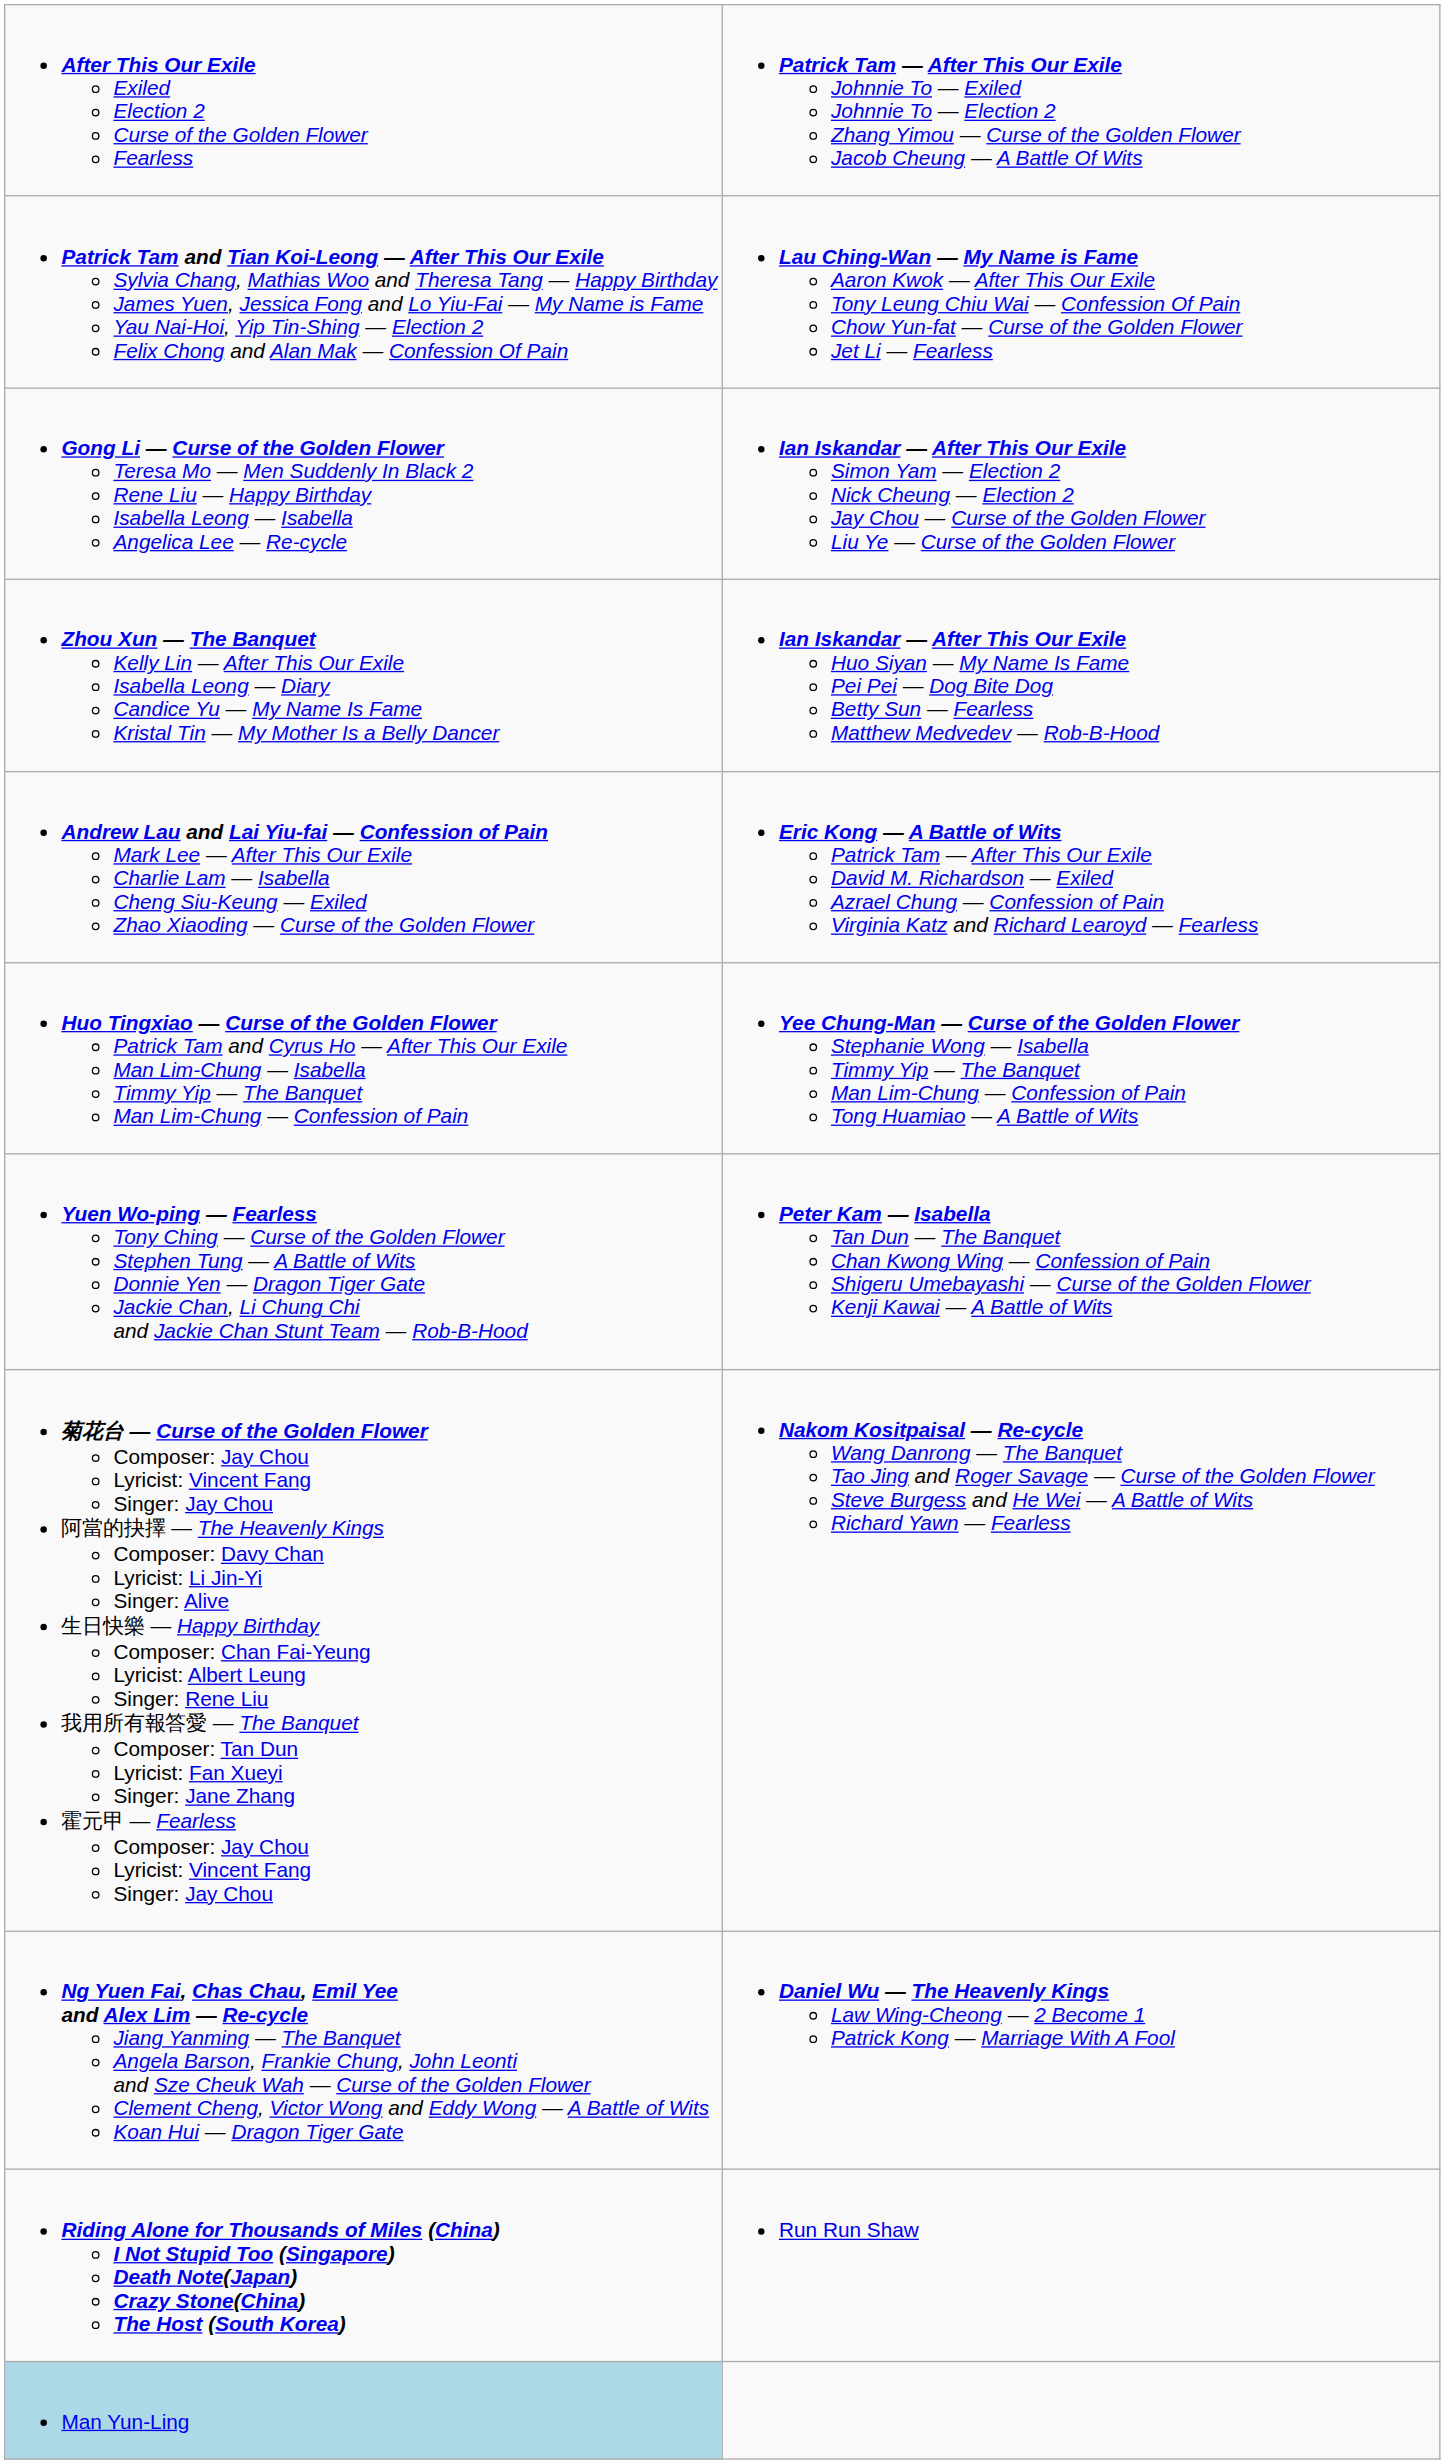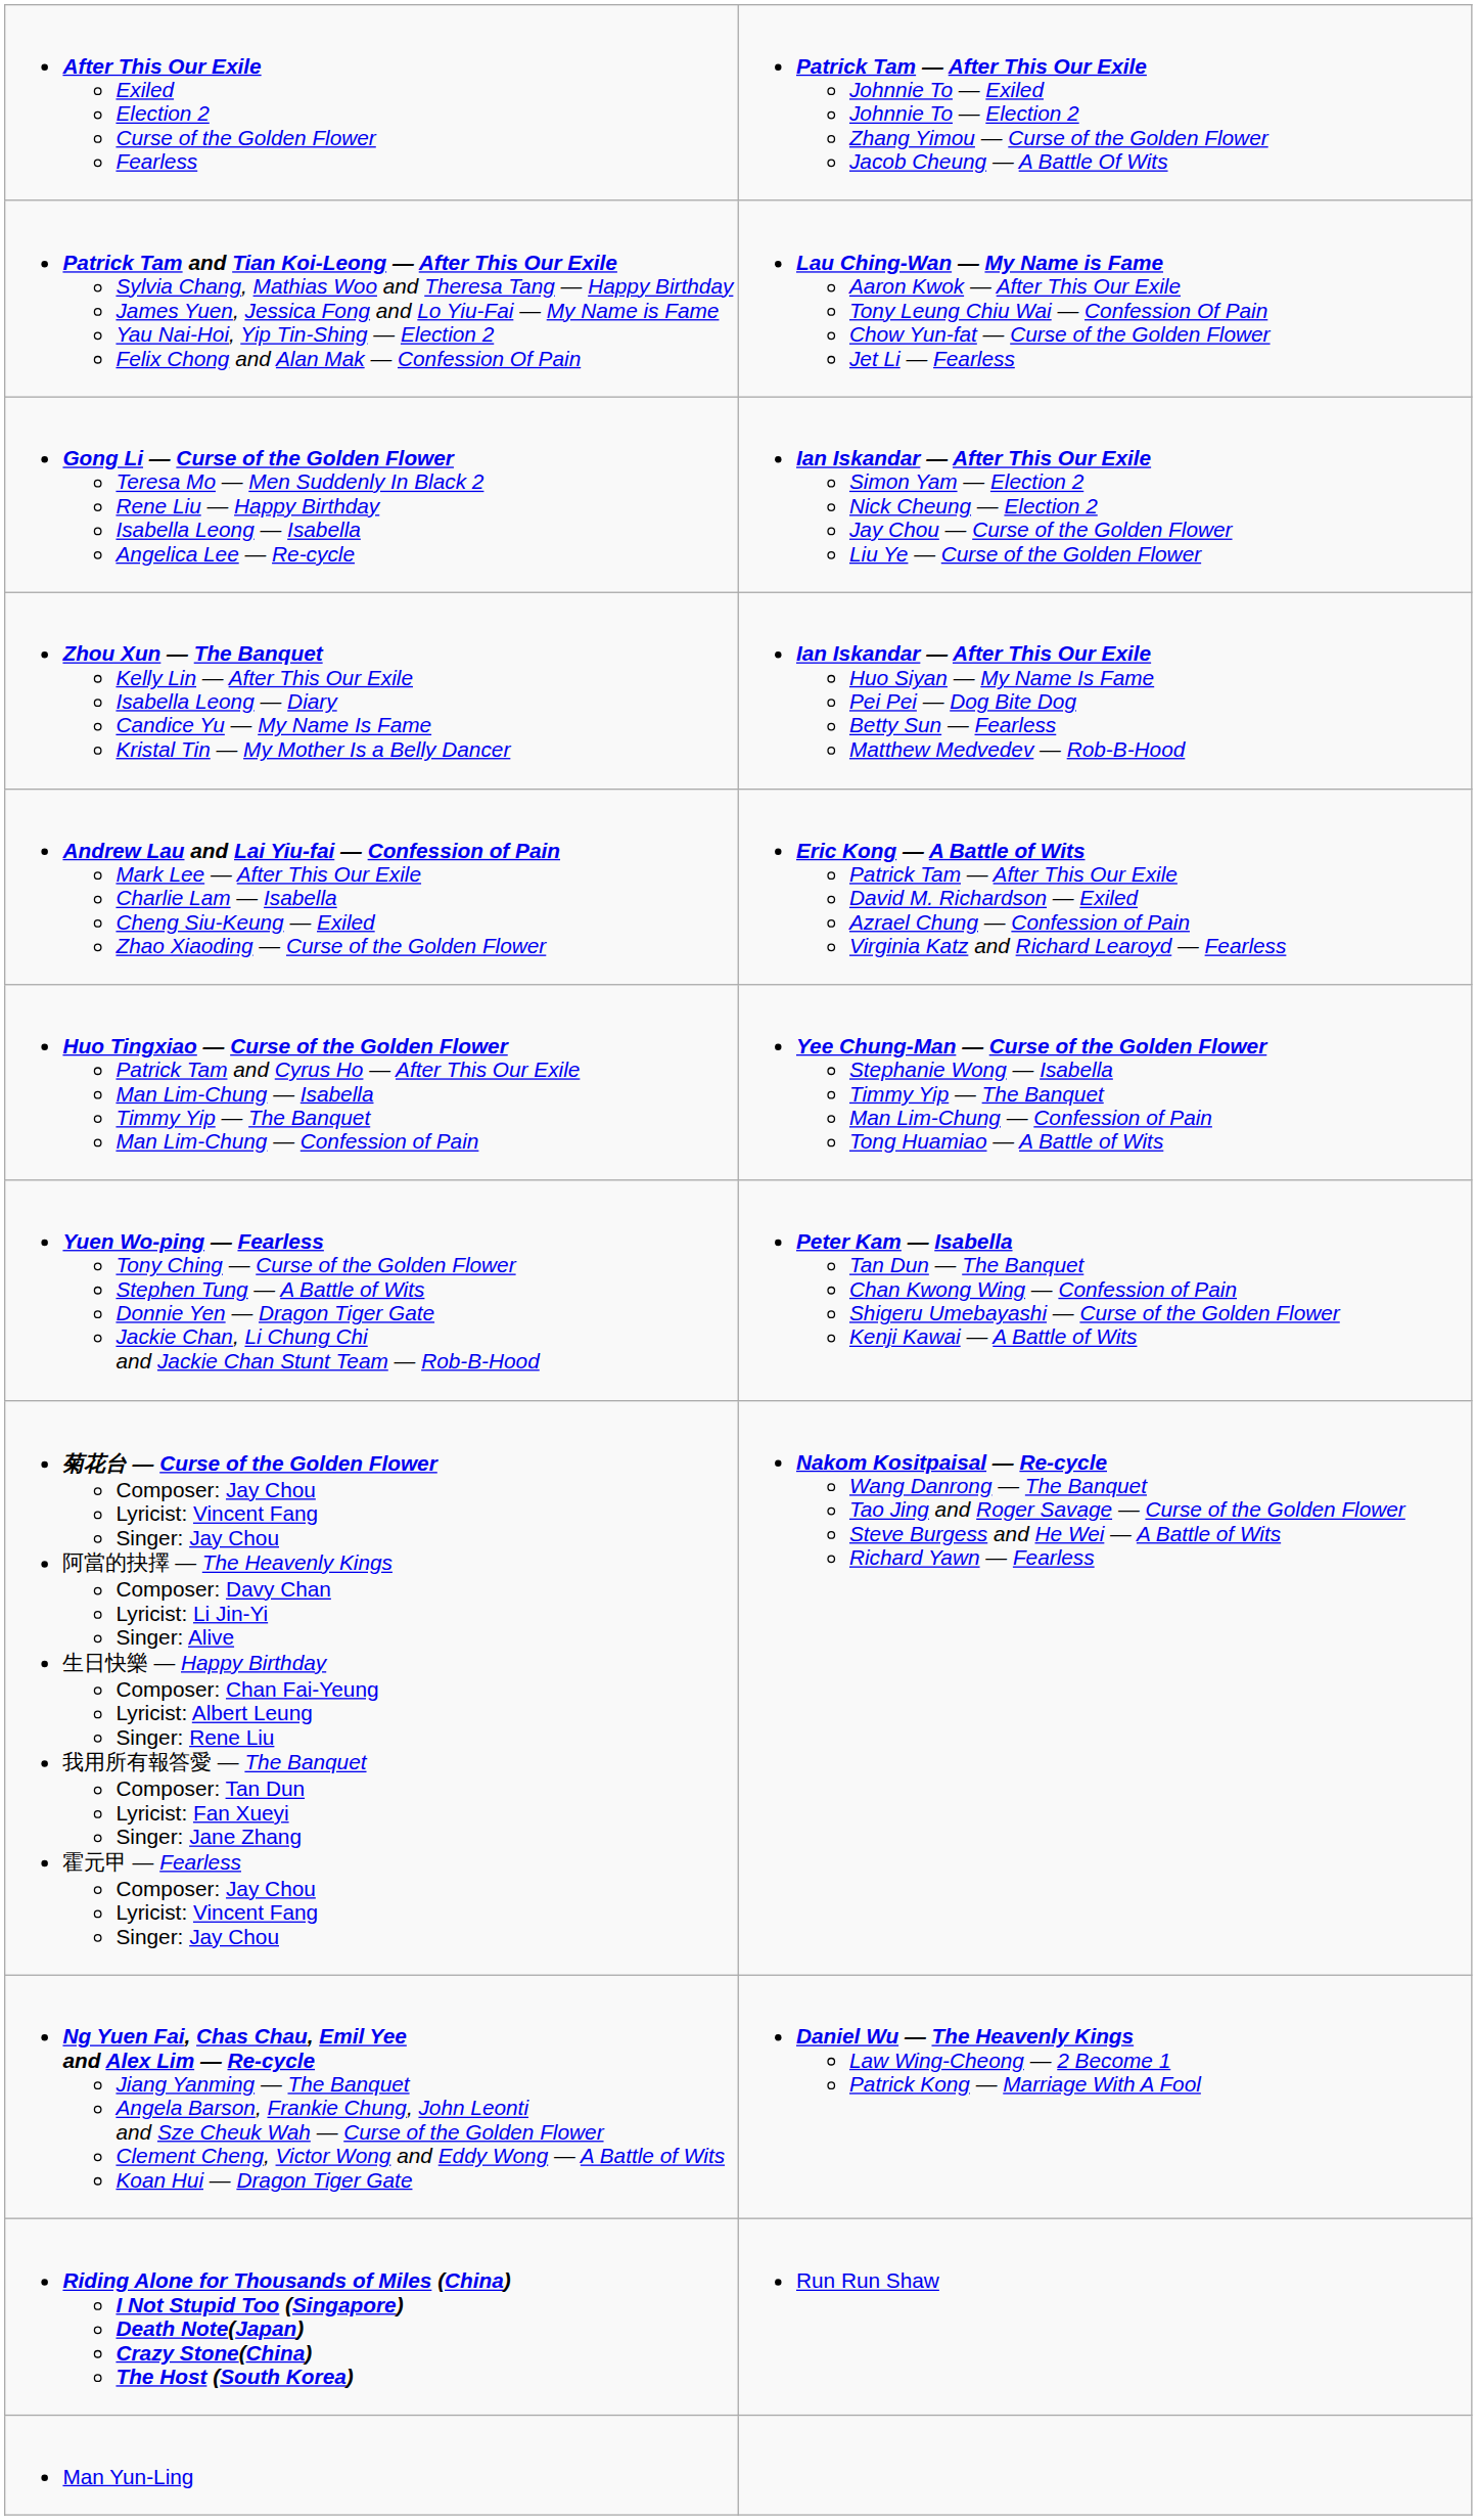 <table class=wikitable>
 <tr>
 <td valign="top" width="50%"><br><ul><li><strong><em><a href='#'>After This Our Exile</a></em></strong><ul><li><em><a href='#'>Exiled</a></em></li><li><em><a href='#'>Election 2</a></em></li><li><em><a href='#'>Curse of the Golden Flower</a></em></li><li><em><a href='#'>Fearless</a></em></li></ul></li></ul></td>
 <td valign="top" width="50%"><br><ul><li><strong><em><a href='#'>Patrick Tam</a> — <a href='#'>After This Our Exile</a></em></strong><ul><li><em><a href='#'>Johnnie To</a> — <a href='#'>Exiled</a></em></li><li><em><a href='#'>Johnnie To</a> — <a href='#'>Election 2</a></em></li><li><em><a href='#'>Zhang Yimou</a> — <a href='#'>Curse of the Golden Flower</a></em></li><li><em><a href='#'>Jacob Cheung</a> — <a href='#'>A Battle Of Wits</a></em></li></ul></li></ul></td>
 </tr>
 <tr>
 <td valign="top" width="50%"><br><ul><li><strong><em><a href='#'>Patrick Tam</a> and <a href='#'>Tian Koi-Leong</a> — <a href='#'>After This Our Exile</a></em></strong><ul><li><em><a href='#'>Sylvia Chang</a>, <a href='#'>Mathias Woo</a> and <a href='#'>Theresa Tang</a> — <a href='#'>Happy Birthday</a></em></li><li><em><a href='#'>James Yuen</a>, <a href='#'>Jessica Fong</a> and <a href='#'>Lo Yiu-Fai</a> — <a href='#'>My Name is Fame</a></em></li><li><em><a href='#'>Yau Nai-Hoi</a>, <a href='#'>Yip Tin-Shing</a> — <a href='#'>Election 2</a></em></li><li><em><a href='#'>Felix Chong</a> and  <a href='#'>Alan Mak</a> — <a href='#'>Confession Of Pain</a></em></li></ul></li></ul></td>
 <td valign="top" width="50%"><br><ul><li><strong><em><a href='#'>Lau Ching-Wan</a> — <a href='#'>My Name is Fame</a></em></strong><ul><li><em><a href='#'>Aaron Kwok</a> — <a href='#'>After This Our Exile</a></em></li><li><em><a href='#'>Tony Leung Chiu Wai</a> — <a href='#'>Confession Of Pain</a></em></li><li><em><a href='#'>Chow Yun-fat</a> — <a href='#'>Curse of the Golden Flower</a></em></li><li><em><a href='#'>Jet Li</a> — <a href='#'>Fearless</a></em></li></ul></li></ul></td>
 </tr>
 <tr>
 <td valign="top" width="50%"><br><ul><li><strong><em><a href='#'>Gong Li</a> — <a href='#'>Curse of the Golden Flower</a></em></strong><ul><li><em><a href='#'>Teresa Mo</a> — <a href='#'>Men Suddenly In Black 2</a></em></li><li><em><a href='#'>Rene Liu</a> — <a href='#'>Happy Birthday</a></em></li><li><em><a href='#'>Isabella Leong</a> — <a href='#'>Isabella</a></em></li><li><em><a href='#'>Angelica Lee</a> — <a href='#'>Re-cycle</a></em></li></ul></li></ul></td>
 <td valign="top" width="50%"><br><ul><li><strong><em><a href='#'>Ian Iskandar</a> — <a href='#'>After This Our Exile</a></em></strong><ul><li><em><a href='#'>Simon Yam</a> — <a href='#'>Election 2</a></em></li><li><em><a href='#'>Nick Cheung</a> — <a href='#'>Election 2</a></em></li><li><em><a href='#'>Jay Chou</a> — <a href='#'>Curse of the Golden Flower</a></em></li><li><em><a href='#'>Liu Ye</a> — <a href='#'>Curse of the Golden Flower</a></em></li></ul></li></ul></td>
 </tr>
 <tr>
 <td valign="top" width="50%"><br><ul><li><strong><em><a href='#'>Zhou Xun</a> — <a href='#'>The Banquet</a></em></strong><ul><li><em><a href='#'>Kelly Lin</a> — <a href='#'>After This Our Exile</a></em></li><li><em><a href='#'>Isabella Leong</a> — <a href='#'>Diary</a></em></li><li><em><a href='#'>Candice Yu</a> — <a href='#'>My Name Is Fame</a></em></li><li><em><a href='#'>Kristal Tin</a> — <a href='#'>My Mother Is a Belly Dancer</a></em></li></ul></li></ul></td>
 <td valign="top" width="50%"><br><ul><li><strong><em><a href='#'>Ian Iskandar</a> — <a href='#'>After This Our Exile</a></em></strong><ul><li><em><a href='#'>Huo Siyan</a> — <a href='#'>My Name Is Fame</a></em></li><li><em><a href='#'>Pei Pei</a> — <a href='#'>Dog Bite Dog</a></em></li><li><em><a href='#'>Betty Sun</a> — <a href='#'>Fearless</a></em></li><li><em><a href='#'>Matthew Medvedev</a> — <a href='#'>Rob-B-Hood</a></em></li></ul></li></ul></td>
 </tr>
 <tr>
 <td valign="top" width="50%"><br><ul><li><strong><em><a href='#'>Andrew Lau</a> and <a href='#'>Lai Yiu-fai</a> — <a href='#'>Confession of Pain</a></em></strong><ul><li><em><a href='#'>Mark Lee</a> — <a href='#'>After This Our Exile</a></em></li><li><em><a href='#'>Charlie Lam</a> — <a href='#'>Isabella</a></em></li><li><em><a href='#'>Cheng Siu-Keung</a> — <a href='#'>Exiled</a></em></li><li><em><a href='#'>Zhao Xiaoding</a> — <a href='#'>Curse of the Golden Flower</a></em></li></ul></li></ul></td>
 <td valign="top" width="50%"><br><ul><li><strong><em><a href='#'>Eric Kong</a> — <a href='#'>A Battle of Wits</a></em></strong><ul><li><em><a href='#'>Patrick Tam</a> — <a href='#'>After This Our Exile</a></em></li><li><em><a href='#'>David M. Richardson</a> — <a href='#'>Exiled</a></em></li><li><em><a href='#'>Azrael Chung</a> — <a href='#'>Confession of Pain</a></em></li><li><em><a href='#'>Virginia Katz</a> and <a href='#'>Richard Learoyd</a> — <a href='#'>Fearless</a></em></li></ul></li></ul></td>
 </tr>
 <tr>
 <td valign="top" width="50%"><br><ul><li><strong><em><a href='#'>Huo Tingxiao</a> — <a href='#'>Curse of the Golden Flower</a></em></strong><ul><li><em><a href='#'>Patrick Tam</a> and <a href='#'>Cyrus Ho</a> — <a href='#'>After This Our Exile</a></em></li><li><em><a href='#'>Man Lim-Chung</a> — <a href='#'>Isabella</a></em></li><li><em><a href='#'>Timmy Yip</a> — <a href='#'>The Banquet</a></em></li><li><em><a href='#'>Man Lim-Chung</a> — <a href='#'>Confession of Pain</a></em></li></ul></li></ul></td>
 <td valign="top" width="50%"><br><ul><li><strong><em><a href='#'>Yee Chung-Man</a> — <a href='#'>Curse of the Golden Flower</a></em></strong><ul><li><em><a href='#'>Stephanie Wong</a> — <a href='#'>Isabella</a></em></li><li><em><a href='#'>Timmy Yip</a> — <a href='#'>The Banquet</a></em></li><li><em><a href='#'>Man Lim-Chung</a> — <a href='#'>Confession of Pain</a></em></li><li><em><a href='#'>Tong Huamiao</a> — <a href='#'>A Battle of Wits</a></em></li></ul></li></ul></td>
 </tr>
 <tr>
 <td valign="top" width="50%"><br><ul><li><strong><em><a href='#'>Yuen Wo-ping</a> — <a href='#'>Fearless</a></em></strong><ul><li><em><a href='#'>Tony Ching</a> — <a href='#'>Curse of the Golden Flower</a></em></li><li><em><a href='#'>Stephen Tung</a> — <a href='#'>A Battle of Wits</a></em></li><li><em><a href='#'>Donnie Yen</a> — <a href='#'>Dragon Tiger Gate</a></em></li><li><em><a href='#'>Jackie Chan</a>, <a href='#'>Li Chung Chi</a> <br> and <a href='#'>Jackie Chan Stunt Team</a> — <a href='#'>Rob-B-Hood</a></em></li></ul></li></ul></td>
 <td valign="top" width="50%"><br><ul><li><strong><em><a href='#'>Peter Kam</a> — <a href='#'>Isabella</a></em></strong><ul><li><em><a href='#'>Tan Dun</a> — <a href='#'>The Banquet</a></em></li><li><em><a href='#'>Chan Kwong Wing</a> — <a href='#'>Confession of Pain</a></em></li><li><em><a href='#'>Shigeru Umebayashi</a> — <a href='#'>Curse of the Golden Flower</a></em></li><li><em><a href='#'>Kenji Kawai</a> — <a href='#'>A Battle of Wits</a></em></li></ul></li></ul></td>
 </tr>
 <tr>
 <td valign="top" width="50%"><br><ul><li><strong><em>菊花台 — <a href='#'>Curse of the Golden Flower</a></em></strong><ul><li>Composer: <a href='#'>Jay Chou</a></li><li>Lyricist: <a href='#'>Vincent Fang</a></li><li>Singer: <a href='#'>Jay Chou</a></li></ul></li><li>阿當的抉擇 — <em><a href='#'>The Heavenly Kings</a></em><ul><li>Composer: <a href='#'>Davy Chan</a></li><li>Lyricist: <a href='#'>Li Jin-Yi</a></li><li>Singer: <a href='#'>Alive</a></li></ul></li><li>生日快樂 — <em><a href='#'>Happy Birthday</a></em><ul><li>Composer: <a href='#'>Chan Fai-Yeung</a></li><li>Lyricist: <a href='#'>Albert Leung</a></li><li>Singer: <a href='#'>Rene Liu</a></li></ul></li><li>我用所有報答愛 — <em><a href='#'>The Banquet</a></em><ul><li>Composer: <a href='#'>Tan Dun</a></li><li>Lyricist: <a href='#'>Fan Xueyi</a></li><li>Singer: <a href='#'>Jane Zhang</a></li></ul></li><li>霍元甲 — <em><a href='#'>Fearless</a></em><ul><li>Composer: <a href='#'>Jay Chou</a></li><li>Lyricist: <a href='#'>Vincent Fang</a></li><li>Singer: <a href='#'>Jay Chou</a></li></ul></li></ul></td>
 <td valign="top" width="50%"><br><ul><li><strong><em><a href='#'>Nakom Kositpaisal</a> — <a href='#'>Re-cycle</a></em></strong><ul><li><em><a href='#'>Wang Danrong</a> — <a href='#'>The Banquet</a></em></li><li><em><a href='#'>Tao Jing</a> and <a href='#'>Roger Savage</a> — <a href='#'>Curse of the Golden Flower</a></em></li><li><em><a href='#'>Steve Burgess</a> and <a href='#'>He Wei</a> — <a href='#'>A Battle of Wits</a></em></li><li><em><a href='#'>Richard Yawn</a> — <a href='#'>Fearless</a></em></li></ul></li></ul></td>
 </tr>
 <tr>
 <td valign="top" width="50%"><br><ul><li><strong><em><a href='#'>Ng Yuen Fai</a>, <a href='#'>Chas Chau</a>, <a href='#'>Emil Yee</a> <br> and <a href='#'>Alex Lim</a> — <a href='#'>Re-cycle</a></em></strong><ul><li><em><a href='#'>Jiang Yanming</a> — <a href='#'>The Banquet</a></em></li><li><em><a href='#'>Angela Barson</a>, <a href='#'>Frankie Chung</a>, <a href='#'>John Leonti</a>  <br> and <a href='#'>Sze Cheuk Wah</a> — <a href='#'>Curse of the Golden Flower</a></em></li><li><em><a href='#'>Clement Cheng</a>, <a href='#'>Victor Wong</a> and <a href='#'>Eddy Wong</a> — <a href='#'>A Battle of Wits</a></em></li><li><em><a href='#'>Koan Hui</a> — <a href='#'>Dragon Tiger Gate</a></em></li></ul></li></ul></td>
 <td valign="top" width="50%"><br><ul><li><strong><em><a href='#'>Daniel Wu</a> — <a href='#'>The Heavenly Kings</a></em></strong><ul><li><em><a href='#'>Law Wing-Cheong</a> — <a href='#'>2 Become 1</a></em></li><li><em><a href='#'>Patrick Kong</a> — <a href='#'>Marriage With A Fool</a></em></li></ul></li></ul></td>
 </tr>
 <tr>
 <td valign="top" width="50%"><br><ul><li><strong><em><a href='#'>Riding Alone for Thousands of Miles</a><em> (<a href='#'>China</a>)<strong><ul><li></em><a href='#'>I Not Stupid Too</a> (<a href='#'>Singapore</a>)<em></li><li></em><a href='#'>Death Note</a>(<a href='#'>Japan</a>)<em></li><li></em><a href='#'>Crazy Stone</a>(<a href='#'>China</a>)<em></li><li></em><a href='#'>The Host</a> (<a href='#'>South Korea</a>)<em></li></ul></li></ul></td>
 <td valign="top" width="50%"><br><ul><li></em></strong><a href='#'>Run Run Shaw</a><strong><em></li></ul></td>
 </tr>
 <tr>
-<td valign="top" width="50%" style="background: lightblue;"><br><ul><li></em></strong><a href='#'>Man Yun-Ling</a><strong><em></li></ul></td>
+<td valign="top" width="50%"><br><ul><li></em></strong><a href='#'>Man Yun-Ling</a><strong><em></li></ul></td>
 </tr>
 </table>
